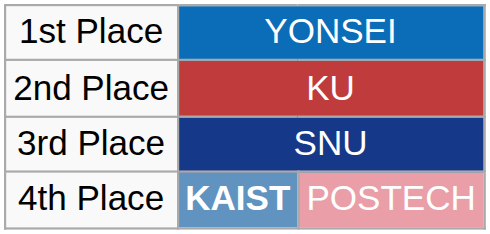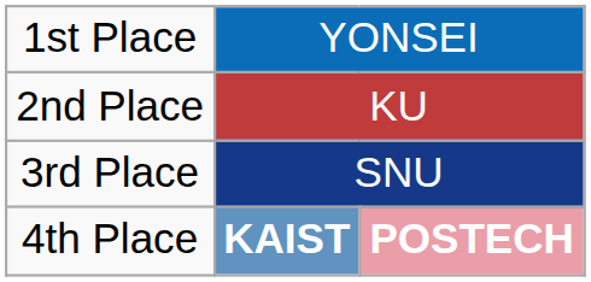 <table class="wikitable" style="text-align:center">
 <tr>
 <td>1st Place</td>
 <td colspan="2" style="background-color:#0B6DB7; color:white">YONSEI</td>
 </tr>
 <tr>
 <td>2nd Place</td>
 <td colspan="2" style="background-color:#BF3B3C; color:white">KU</td>
 </tr>
 <tr>
 <td>3rd Place</td>
 <td colspan="2" style="background-color:#153888; color:white">SNU</td>
 </tr>
 <tr>
 <td>4th Place</td>
 <td style="background-color:#6093BF; color:white"><strong>KAIST</strong></td>
-<td style="background-color:#E99EA8; color:white">POSTECH</td>
+<td style="background-color:#E99EA8; color:white"><strong>POSTECH</strong></td>
 </tr>
 </table>
